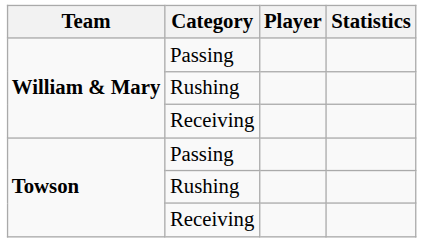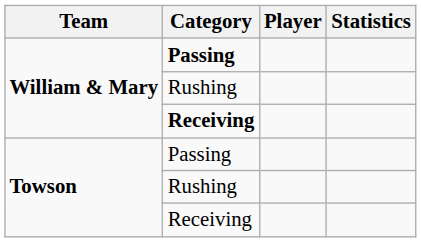 <table class="wikitable" style="float: right;">
 <tr>
 <th>Team</th>
 <th>Category</th>
 <th>Player</th>
 <th>Statistics</th>
 </tr>
 <tr>
 <td rowspan=3><strong>William & Mary</strong></td>
-<td>Passing</td>
+<td><strong>Passing</strong></td>
 <td></td>
 <td></td>
 </tr>
 <tr>
 <td>Rushing</td>
 <td></td>
 <td></td>
 </tr>
 <tr>
-<td>Receiving</td>
+<td><strong>Receiving</strong></td>
 <td></td>
 <td></td>
 </tr>
 <tr>
 <td rowspan=3><strong>Towson</strong></td>
 <td>Passing</td>
 <td></td>
 <td></td>
 </tr>
 <tr>
 <td>Rushing</td>
 <td></td>
 <td></td>
 </tr>
 <tr>
 <td>Receiving</td>
 <td></td>
 <td></td>
 </tr>
 </table>
